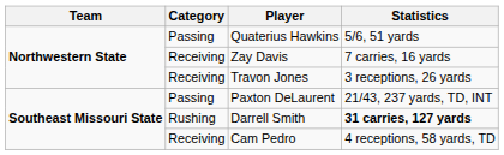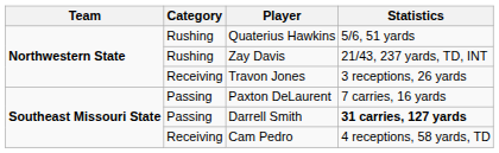 <table class="wikitable" style="float: right;">
 <tr>
 <th>Team</th>
 <th>Category</th>
 <th>Player</th>
 <th>Statistics</th>
 </tr>
 <tr>
 <td rowspan=3><strong>Northwestern State</strong></td>
-<td>Passing</td>
+<td>Rushing</td>
 <td>Quaterius Hawkins</td>
 <td>5/6, 51 yards</td>
 </tr>
 <tr>
-<td>Receiving</td>
+<td>Rushing</td>
 <td>Zay Davis</td>
-<td>7 carries, 16 yards</td>
+<td>21/43, 237 yards, TD, INT</td>
 </tr>
 <tr>
 <td>Receiving</td>
 <td>Travon Jones</td>
 <td>3 receptions, 26 yards</td>
 </tr>
 <tr>
 <td rowspan=3><strong>Southeast Missouri State</strong></td>
 <td>Passing</td>
 <td>Paxton DeLaurent</td>
-<td>21/43, 237 yards, TD, INT</td>
+<td>7 carries, 16 yards</td>
 </tr>
 <tr>
-<td>Rushing</td>
+<td>Passing</td>
 <td>Darrell Smith</td>
 <td><strong>31 carries, 127 yards</strong></td>
 </tr>
 <tr>
 <td>Receiving</td>
 <td>Cam Pedro</td>
 <td>4 receptions, 58 yards, TD</td>
 </tr>
 </table>
